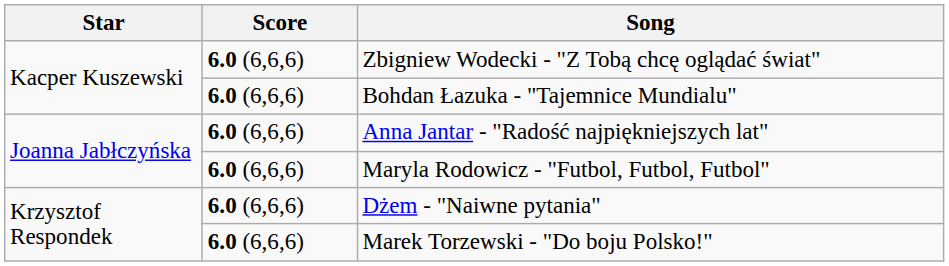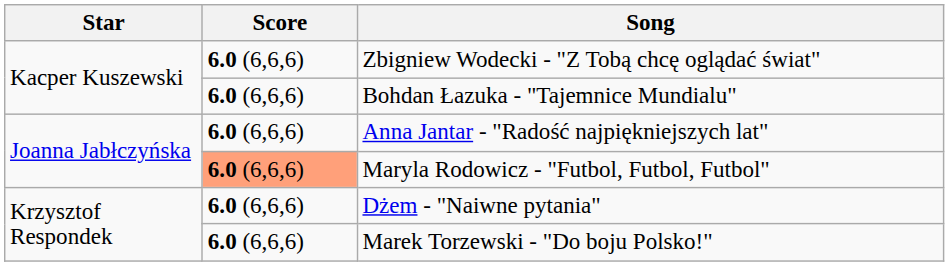 <table class="wikitable">
 <tr>
 <th style="width:130px;">Star</th>
 <th style="width:100px;">Score</th>
 <th style="width:400px;">Song</th>
 </tr>
 <tr>
 <td rowspan="2">Kacper Kuszewski</td>
 <td><strong>6.0</strong> (6,6,6)</td>
 <td>Zbigniew Wodecki - "Z Tobą chcę oglądać świat"</td>
 </tr>
 <tr>
 <td><strong>6.0</strong> (6,6,6)</td>
 <td>Bohdan Łazuka - "Tajemnice Mundialu"</td>
 </tr>
 <tr>
 <td rowspan="2"><a href='#'>Joanna Jabłczyńska</a></td>
 <td><strong>6.0</strong> (6,6,6)</td>
 <td><a href='#'>Anna Jantar</a> - "Radość najpiękniejszych lat"</td>
 </tr>
 <tr>
-<td><strong>6.0</strong> (6,6,6)</td>
+<td style="background: lightsalmon;"><strong>6.0</strong> (6,6,6)</td>
 <td>Maryla Rodowicz - "Futbol, Futbol, Futbol"</td>
 </tr>
 <tr>
 <td rowspan="2">Krzysztof Respondek</td>
 <td><strong>6.0</strong> (6,6,6)</td>
 <td><a href='#'>Dżem</a> - "Naiwne pytania"</td>
 </tr>
 <tr>
 <td><strong>6.0</strong> (6,6,6)</td>
 <td>Marek Torzewski - "Do boju Polsko!"</td>
 </tr>
 </table>
